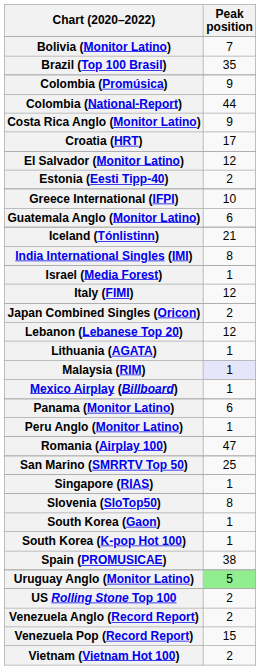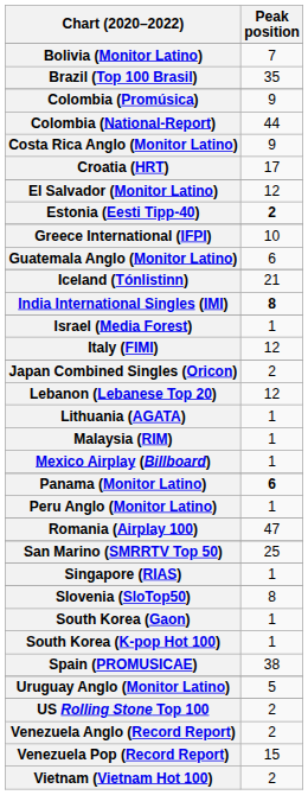 <table class="wikitable sortable plainrowheaders" style="text-align:center">
 <tr>
 <th scope="col">Chart (2020–2022)</th>
 <th scope="col">Peak<br>position</th>
 </tr>
 <tr>
 </tr>
 <tr>
 </tr>
 <tr>
 </tr>
 <tr>
 </tr>
 <tr>
 </tr>
 <tr>
 <th scope="row">Bolivia (<a href='#'>Monitor Latino</a>)</th>
 <td>7</td>
 </tr>
 <tr>
 <th scope="row">Brazil (<a href='#'>Top 100 Brasil</a>)</th>
 <td>35</td>
 </tr>
 <tr>
 </tr>
 <tr>
 </tr>
 <tr>
 </tr>
 <tr>
 <th scope="row">Colombia (<a href='#'>Promúsica</a>)</th>
 <td>9</td>
 </tr>
 <tr>
 <th scope="row">Colombia (<a href='#'>National-Report</a>)</th>
 <td>44</td>
 </tr>
 <tr>
 <th scope="row">Costa Rica Anglo (<a href='#'>Monitor Latino</a>)</th>
 <td>9</td>
 </tr>
 <tr>
 <th scope="row">Croatia (<a href='#'>HRT</a>)</th>
 <td>17</td>
 </tr>
 <tr>
 </tr>
 <tr>
 </tr>
 <tr>
 <th scope="row">El Salvador (<a href='#'>Monitor Latino</a>)</th>
 <td>12</td>
 </tr>
 <tr>
 <th scope="row">Estonia (<a href='#'>Eesti Tipp-40</a>)</th>
-<td>2</td>
+<td><strong>2</strong></td>
 </tr>
 <tr>
 </tr>
 <tr>
 </tr>
 <tr>
 </tr>
 <tr>
 </tr>
 <tr>
 </tr>
 <tr>
 <th scope="row">Greece International (<a href='#'>IFPI</a>)</th>
 <td>10</td>
 </tr>
 <tr>
 <th scope="row">Guatemala Anglo (<a href='#'>Monitor Latino</a>)</th>
 <td>6</td>
 </tr>
 <tr>
 </tr>
 <tr>
 </tr>
 <tr>
 </tr>
 <tr>
 <th scope="row">Iceland (<a href='#'>Tónlistinn</a>)</th>
 <td>21</td>
 </tr>
 <tr>
 <th scope="row"><a href='#'>India International Singles</a> (<a href='#'>IMI</a>)</th>
-<td>8</td>
+<td><strong>8</strong></td>
 </tr>
 <tr>
 </tr>
 <tr>
 <th scope="row">Israel (<a href='#'>Media Forest</a>)</th>
 <td>1</td>
 </tr>
 <tr>
 <th scope="row">Italy (<a href='#'>FIMI</a>)</th>
 <td>12</td>
 </tr>
 <tr>
 </tr>
 <tr>
 <th scope="row">Japan Combined Singles (<a href='#'>Oricon</a>)</th>
 <td>2</td>
 </tr>
 <tr>
 <th scope="row">Lebanon (<a href='#'>Lebanese Top 20</a>)</th>
 <td>12</td>
 </tr>
 <tr>
 <th scope="row">Lithuania (<a href='#'>AGATA</a>)</th>
 <td>1</td>
 </tr>
 <tr>
 <th scope="row">Malaysia (<a href='#'>RIM</a>)</th>
-<td style="background: lavender;">1</td>
+<td>1</td>
 </tr>
 <tr>
 <th scope="row"><a href='#'>Mexico Airplay</a> (<a href='#'><em>Billboard</em></a>)</th>
 <td>1</td>
 </tr>
 <tr>
 </tr>
 <tr>
 </tr>
 <tr>
 </tr>
 <tr>
 </tr>
 <tr>
 <th scope="row">Panama (<a href='#'>Monitor Latino</a>)</th>
-<td>6</td>
+<td><strong>6</strong></td>
 </tr>
 <tr>
 <th scope="row">Peru Anglo (<a href='#'>Monitor Latino</a>)</th>
 <td>1</td>
 </tr>
 <tr>
 </tr>
 <tr>
 </tr>
 <tr>
 <th scope="row">Romania (<a href='#'>Airplay 100</a>)</th>
 <td>47</td>
 </tr>
 <tr>
 </tr>
 <tr>
 <th scope="row">San Marino (<a href='#'>SMRRTV Top 50</a>)</th>
 <td>25</td>
 </tr>
 <tr>
 </tr>
 <tr>
 <th scope="row">Singapore (<a href='#'>RIAS</a>)</th>
 <td>1</td>
 </tr>
 <tr>
 </tr>
 <tr>
 </tr>
 <tr>
 <th scope="row">Slovenia (<a href='#'>SloTop50</a>)</th>
 <td>8</td>
 </tr>
 <tr>
 <th scope="row">South Korea (<a href='#'>Gaon</a>)</th>
 <td>1</td>
 </tr>
 <tr>
 <th scope="row">South Korea (<a href='#'>K-pop Hot 100</a>)</th>
 <td>1</td>
 </tr>
 <tr>
 <th scope="row">Spain (<a href='#'>PROMUSICAE</a>)</th>
 <td>38</td>
 </tr>
 <tr>
 </tr>
 <tr>
 </tr>
 <tr>
 </tr>
 <tr>
 </tr>
 <tr>
 <th scope="row">Uruguay Anglo (<a href='#'>Monitor Latino</a>)</th>
-<td style="background: lightgreen;">5</td>
+<td>5</td>
 </tr>
 <tr>
 </tr>
 <tr>
 </tr>
 <tr>
 </tr>
 <tr>
 </tr>
 <tr>
 </tr>
 <tr>
 <th scope="row">US <a href='#'><em>Rolling Stone</em> Top 100</a></th>
 <td>2</td>
 </tr>
 <tr>
 <th scope="row">Venezuela Anglo (<a href='#'>Record Report</a>)</th>
 <td>2</td>
 </tr>
 <tr>
 <th scope="row">Venezuela Pop (<a href='#'>Record Report</a>)</th>
 <td>15</td>
 </tr>
 <tr>
 <th scope="row">Vietnam (<a href='#'>Vietnam Hot 100</a>)</th>
 <td>2</td>
 </tr>
 </table>
